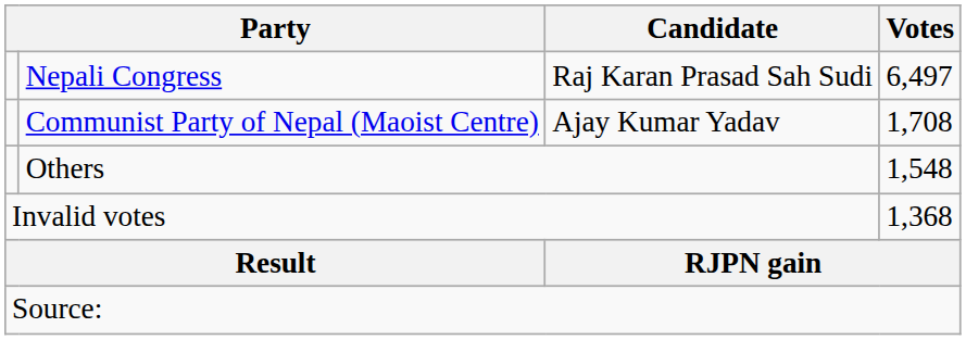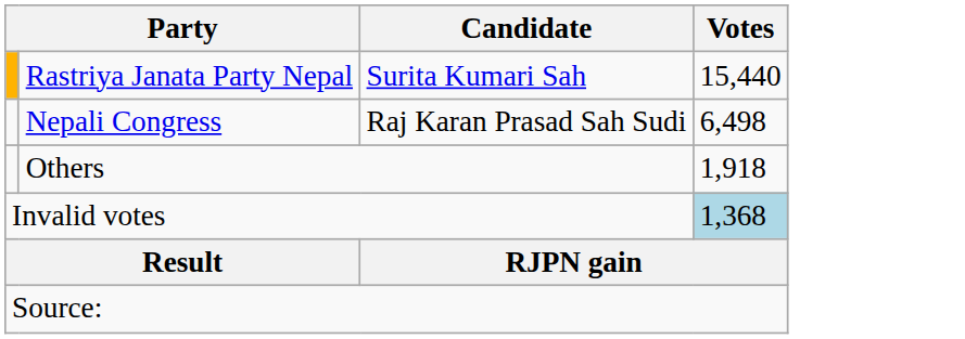 <table class="wikitable">
 <tr>
 <th colspan="2">Party</th>
 <th>Candidate</th>
 <th>Votes</th>
 </tr>
 <tr>
+<td style="background-color:#ffb300"></td>
+<td><a href='#'>Rastriya Janata Party Nepal</a></td>
+<td><a href='#'>Surita Kumari Sah</a></td>
+<td>15,440</td>
+</tr>
+<tr>
 <td style="background-color:"></td>
 <td><a href='#'>Nepali Congress</a></td>
 <td>Raj Karan Prasad Sah Sudi</td>
-<td>6,497</td>
-</tr>
-<tr>
-<td style="background-color:"></td>
-<td><a href='#'>Communist Party of Nepal (Maoist Centre)</a></td>
-<td>Ajay Kumar Yadav</td>
-<td>1,708</td>
+<td>6,498</td>
 </tr>
 <tr>
 <td></td>
 <td colspan="2">Others</td>
-<td>1,548</td>
+<td>1,918</td>
 </tr>
 <tr>
 <td colspan="3">Invalid votes</td>
-<td>1,368</td>
+<td style="background: lightblue;">1,368</td>
 </tr>
 <tr>
 <th colspan="2">Result</th>
 <th colspan="2">RJPN gain</th>
 </tr>
 <tr>
 <td colspan="4">Source: </td>
 </tr>
 </table>
